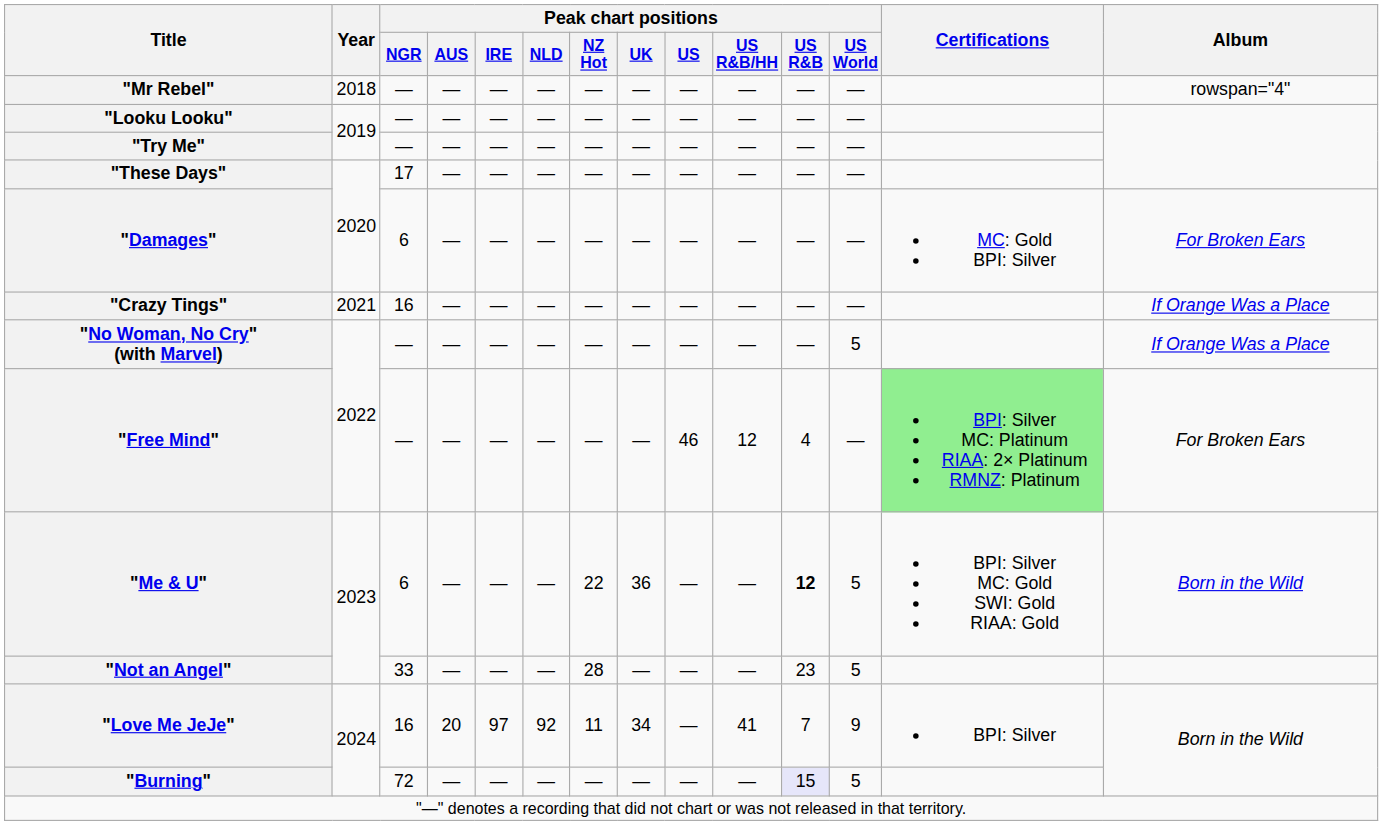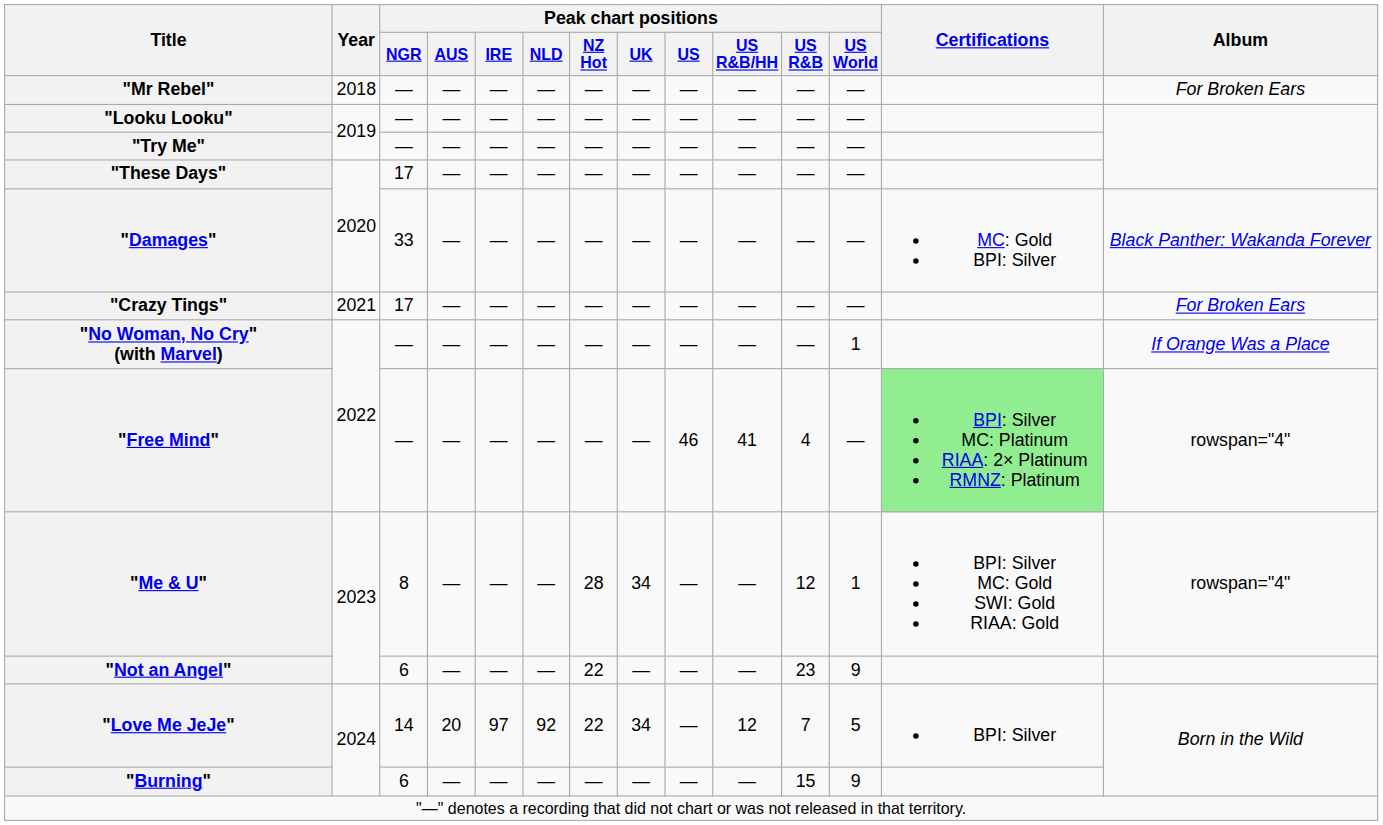 <table class="wikitable plainrowheaders" style="text-align:center;">
 <tr>
 <th scope="col" rowspan="2" style="width:18em;">Title</th>
 <th scope="col" rowspan="2" style="width:1em;">Year</th>
 <th scope="col" colspan="10">Peak chart positions</th>
 <th scope="col" rowspan="2" style="width:12em;"><a href='#'>Certifications</a></th>
 <th scope="col" rowspan="2" style="width:15em;">Album</th>
 </tr>
 <tr>
 <th scope="col" style="width:2.5em;font-size:90%;"><a href='#'>NGR</a><br></th>
 <th scope="col" style="width:2.5em;font-size:90%;"><a href='#'>AUS</a><br></th>
 <th scope="col" style="width:2.5em;font-size:90%;"><a href='#'>IRE</a><br></th>
 <th scope="col" style="width:2.5em;font-size:90%;"><a href='#'>NLD</a><br></th>
 <th scope="col" style="width:2.5em;font-size:90%;"><a href='#'>NZ<br>Hot</a><br></th>
 <th scope="col" style="width:2.5em;font-size:90%;"><a href='#'>UK</a><br></th>
 <th scope="col" style="width:2.5em;font-size:90%;"><a href='#'>US</a><br></th>
 <th scope="col" style="width:2.5em;font-size:90%;"><a href='#'>US<br>R&B/HH</a><br></th>
 <th scope="col" style="width:2.5em;font-size:90%;"><a href='#'>US<br>R&B</a><br></th>
 <th scope="col" style="width:2.5em;font-size:90%;"><a href='#'>US World</a><br></th>
 </tr>
 <tr>
 <th scope="row">"Mr Rebel"</th>
 <td>2018</td>
 <td>—</td>
 <td>—</td>
 <td>—</td>
 <td>—</td>
 <td>—</td>
 <td>—</td>
 <td>—</td>
 <td>—</td>
 <td>—</td>
 <td>—</td>
 <td></td>
-<td>rowspan="4" </td>
+<td><em>For Broken Ears</em></td>
 </tr>
 <tr>
 <th scope="row">"Looku Looku"</th>
 <td rowspan="2">2019</td>
 <td>—</td>
 <td>—</td>
 <td>—</td>
 <td>—</td>
 <td>—</td>
 <td>—</td>
 <td>—</td>
 <td>—</td>
 <td>—</td>
 <td>—</td>
 <td></td>
 </tr>
 <tr>
 <th scope="row">"Try Me"</th>
 <td>—</td>
 <td>—</td>
 <td>—</td>
 <td>—</td>
 <td>—</td>
 <td>—</td>
 <td>—</td>
 <td>—</td>
 <td>—</td>
 <td>—</td>
 <td></td>
 </tr>
 <tr>
 <th scope="row">"These Days"</th>
 <td rowspan="2">2020</td>
 <td>17</td>
 <td>—</td>
 <td>—</td>
 <td>—</td>
 <td>—</td>
 <td>—</td>
 <td>—</td>
 <td>—</td>
 <td>—</td>
 <td>—</td>
 <td></td>
 </tr>
 <tr>
 <th scope="row">"<a href='#'>Damages</a>"</th>
-<td>6</td>
+<td>33</td>
 <td>—</td>
 <td>—</td>
 <td>—</td>
 <td>—</td>
 <td>—</td>
 <td>—</td>
 <td>—</td>
 <td>—</td>
 <td>—</td>
 <td><br><ul><li><a href='#'>MC</a>: Gold</li><li>BPI: Silver</li></ul></td>
-<td><em><a href='#'>For Broken Ears</a></em></td>
+<td><em><a href='#'>Black Panther: Wakanda Forever</a></em></td>
 </tr>
 <tr>
 <th scope="row">"Crazy Tings"</th>
 <td>2021</td>
-<td>16</td>
+<td>17</td>
 <td>—</td>
 <td>—</td>
 <td>—</td>
 <td>—</td>
 <td>—</td>
 <td>—</td>
 <td>—</td>
 <td>—</td>
 <td>—</td>
 <td></td>
-<td><em><a href='#'>If Orange Was a Place</a></em></td>
+<td><em><a href='#'>For Broken Ears</a></em></td>
 </tr>
 <tr>
 <th scope="row">"<a href='#'>No Woman, No Cry</a>"<br><span>(with <a href='#'>Marvel</a>)</span></th>
 <td rowspan="2">2022</td>
 <td>—</td>
 <td>—</td>
 <td>—</td>
 <td>—</td>
 <td>—</td>
 <td>—</td>
 <td>—</td>
 <td>—</td>
 <td>—</td>
-<td>5</td>
+<td>1</td>
 <td></td>
 <td><em><a href='#'>If Orange Was a Place</a></em></td>
 </tr>
 <tr>
 <th scope="row">"<a href='#'>Free Mind</a>"</th>
 <td>—</td>
 <td>—</td>
 <td>—</td>
 <td>—</td>
 <td>—</td>
 <td>—</td>
 <td>46</td>
-<td>12</td>
+<td>41</td>
 <td>4</td>
 <td>—</td>
 <td style="background: lightgreen;"><br><ul><li><a href='#'>BPI</a>: Silver</li><li>MC: Platinum</li><li><a href='#'>RIAA</a>: 2× Platinum</li><li><a href='#'>RMNZ</a>: Platinum</li></ul></td>
-<td><em>For Broken Ears</em></td>
+<td>rowspan="4" </td>
 </tr>
 <tr>
 <th scope="row">"<a href='#'>Me & U</a>"</th>
 <td rowspan="2">2023</td>
+<td>8</td>
+<td>—</td>
+<td>—</td>
+<td>—</td>
+<td>28</td>
+<td>34</td>
+<td>—</td>
+<td>—</td>
+<td>12</td>
+<td>1</td>
+<td><br><ul><li>BPI: Silver</li><li>MC: Gold</li><li>SWI: Gold</li><li>RIAA: Gold</li></ul></td>
+<td>rowspan="4" </td>
+</tr>
+<tr>
+<th scope="row">"<a href='#'>Not an Angel</a>"</th>
 <td>6</td>
 <td>—</td>
 <td>—</td>
 <td>—</td>
 <td>22</td>
-<td>36</td>
-<td>—</td>
-<td>—</td>
-<td><strong>12</strong></td>
-<td>5</td>
-<td><br><ul><li>BPI: Silver</li><li>MC: Gold</li><li>SWI: Gold</li><li>RIAA: Gold</li></ul></td>
-<td><em><a href='#'>Born in the Wild</a></em></td>
-</tr>
-<tr>
-<th scope="row">"<a href='#'>Not an Angel</a>"</th>
-<td>33</td>
-<td>—</td>
-<td>—</td>
-<td>—</td>
-<td>28</td>
 <td>—</td>
 <td>—</td>
 <td>—</td>
 <td>23</td>
-<td>5</td>
+<td>9</td>
 <td></td>
 <td></td>
 </tr>
 <tr>
 <th scope="row">"<a href='#'>Love Me JeJe</a>"</th>
 <td rowspan="2">2024</td>
-<td>16</td>
+<td>14</td>
 <td>20</td>
 <td>97</td>
 <td>92</td>
-<td>11</td>
+<td>22</td>
 <td>34</td>
 <td>—</td>
-<td>41</td>
+<td>12</td>
 <td>7</td>
-<td>9</td>
+<td>5</td>
 <td><br><ul><li>BPI: Silver</li></ul></td>
 <td rowspan="2"><em>Born in the Wild</em></td>
 </tr>
 <tr>
 <th scope="row">"<a href='#'>Burning</a>"</th>
-<td>72</td>
+<td>6</td>
 <td>—</td>
 <td>—</td>
 <td>—</td>
 <td>—</td>
 <td>—</td>
 <td>—</td>
 <td>—</td>
-<td style="background: lavender;">15</td>
-<td>5</td>
+<td>15</td>
+<td>9</td>
 <td></td>
 </tr>
 <tr>
 <td colspan="14" style="font-size:90%">"—" denotes a recording that did not chart or was not released in that territory.</td>
 </tr>
 </table>
